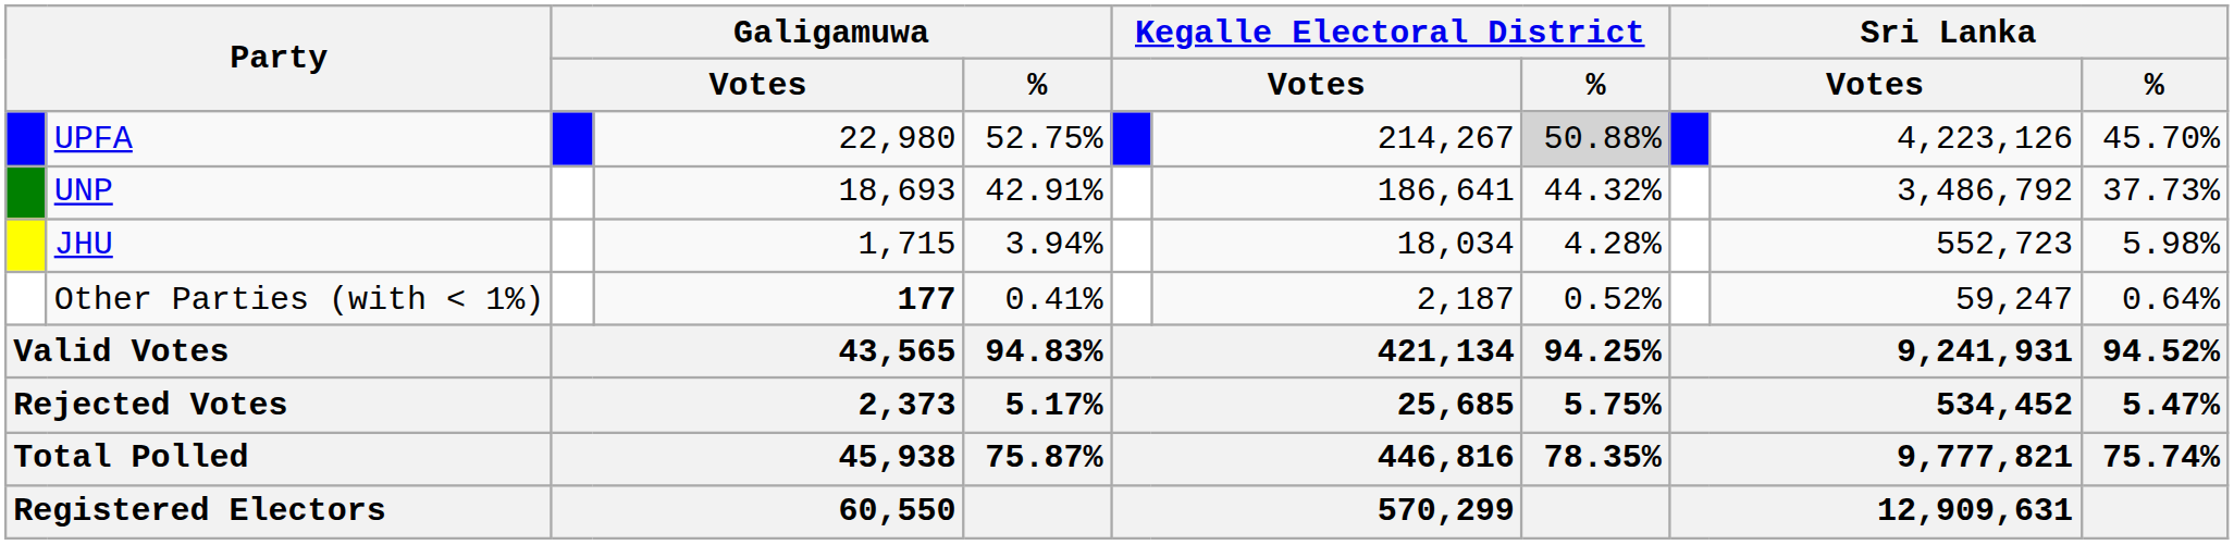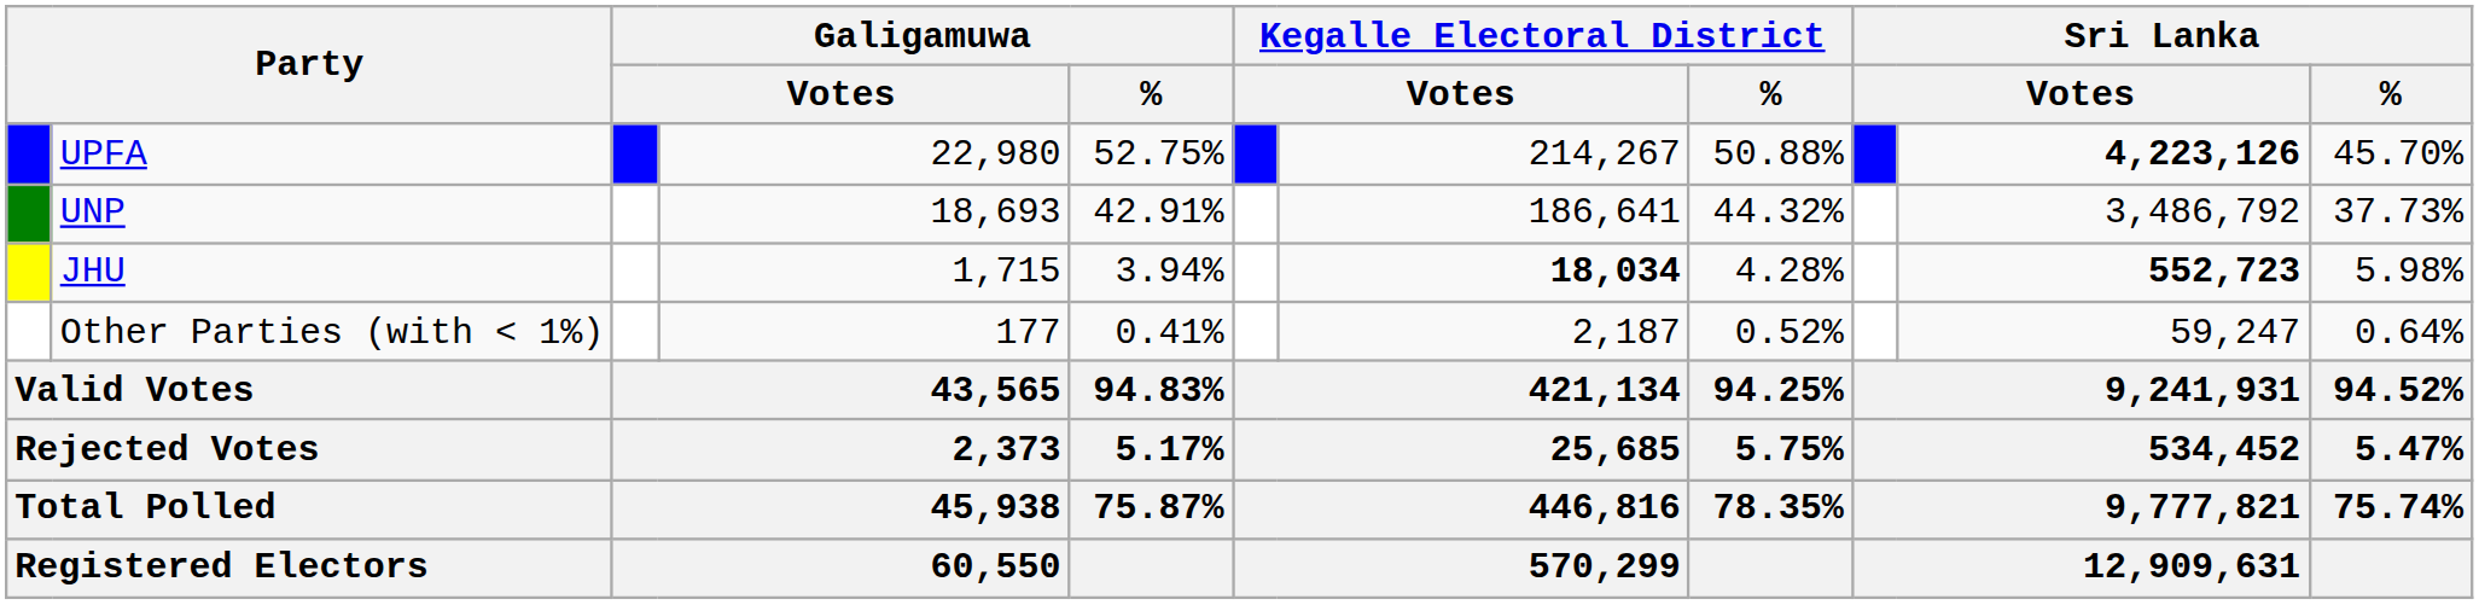 <table class="wikitable">
 <tr>
 <th colspan="2" width="144px"rowspan="2">Party</th>
 <th colspan="3" width="216px">Galigamuwa</th>
 <th colspan="3" width="216px"><a href='#'>Kegalle Electoral District</a></th>
 <th colspan="3" width="216px">Sri Lanka</th>
 </tr>
 <tr>
 <th colspan="2" width="144px">Votes</th>
 <th>%</th>
 <th colspan="2" width="144px">Votes</th>
 <th>%</th>
 <th colspan="2" width="144px">Votes</th>
 <th>%</th>
 </tr>
 <tr>
 <td style="background-color:blue;" width="10px"></td>
 <td style="text-align:left;"><a href='#'>UPFA</a></td>
 <td style="background-color:blue;" width="10px"></td>
 <td style="text-align:right;">22,980</td>
 <td style="text-align:right;">52.75%</td>
 <td style="background-color:blue;" width="10px"></td>
 <td style="text-align:right;">214,267</td>
-<td style="background: lightgrey; text-align:right;">50.88%</td>
+<td style="text-align:right;">50.88%</td>
 <td style="background-color:blue;" width="10px"></td>
-<td style="text-align:right;">4,223,126</td>
+<td style="text-align:right;"><strong>4,223,126</strong></td>
 <td style="text-align:right;">45.70%</td>
 </tr>
 <tr>
 <td style="background-color:green;" width="10px"></td>
 <td style="text-align:left;"><a href='#'>UNP</a></td>
 <td style="background-color:white;" width="10px"></td>
 <td style="text-align:right;">18,693</td>
 <td style="text-align:right;">42.91%</td>
 <td style="background-color:white;" width="10px"></td>
 <td style="text-align:right;">186,641</td>
 <td style="text-align:right;">44.32%</td>
 <td style="background-color:white;" width="10px"></td>
 <td style="text-align:right;">3,486,792</td>
 <td style="text-align:right;">37.73%</td>
 </tr>
 <tr>
 <td style="background-color:yellow;" width="10px"></td>
 <td style="text-align:left;"><a href='#'>JHU</a></td>
 <td style="background-color:white;" width="10px"></td>
 <td style="text-align:right;">1,715</td>
 <td style="text-align:right;">3.94%</td>
 <td style="background-color:white;" width="10px"></td>
-<td style="text-align:right;">18,034</td>
+<td style="text-align:right;"><strong>18,034</strong></td>
 <td style="text-align:right;">4.28%</td>
 <td style="background-color:white;" width="10px"></td>
-<td style="text-align:right;">552,723</td>
+<td style="text-align:right;"><strong>552,723</strong></td>
 <td style="text-align:right;">5.98%</td>
 </tr>
 <tr>
 <td style="background-color:white;" width="10px"></td>
 <td style="text-align:left;">Other Parties (with < 1%)</td>
 <td style="background-color:white;" width="10px"></td>
-<td style="text-align:right;"><strong>177</strong></td>
+<td style="text-align:right;">177</td>
 <td style="text-align:right;">0.41%</td>
 <td style="background-color:white;" width="10px"></td>
 <td style="text-align:right;">2,187</td>
 <td style="text-align:right;">0.52%</td>
 <td style="background-color:white;" width="10px"></td>
 <td style="text-align:right;">59,247</td>
 <td style="text-align:right;">0.64%</td>
 </tr>
 <tr>
 <th colspan="2" width="144px"style="text-align:left;">Valid Votes</th>
 <th style="text-align:right;"colspan="2" width="144px">43,565</th>
 <th style="text-align:right;">94.83%</th>
 <th style="text-align:right;"colspan="2" width="144px">421,134</th>
 <th style="text-align:right;">94.25%</th>
 <th style="text-align:right;"colspan="2" width="144px">9,241,931</th>
 <th style="text-align:right;">94.52%</th>
 </tr>
 <tr>
 <th colspan="2" width="144px"style="text-align:left;">Rejected Votes</th>
 <th style="text-align:right;"colspan="2" width="144px">2,373</th>
 <th style="text-align:right;">5.17%</th>
 <th style="text-align:right;"colspan="2" width="144px">25,685</th>
 <th style="text-align:right;">5.75%</th>
 <th style="text-align:right;"colspan="2" width="144px">534,452</th>
 <th style="text-align:right;">5.47%</th>
 </tr>
 <tr>
 <th colspan="2" width="144px"style="text-align:left;">Total Polled</th>
 <th style="text-align:right;"colspan="2" width="144px">45,938</th>
 <th style="text-align:right;">75.87%</th>
 <th style="text-align:right;"colspan="2" width="144px">446,816</th>
 <th style="text-align:right;">78.35%</th>
 <th style="text-align:right;"colspan="2" width="144px">9,777,821</th>
 <th style="text-align:right;">75.74%</th>
 </tr>
 <tr>
 <th colspan="2" width="144px"style="text-align:left;">Registered Electors</th>
 <th style="text-align:right;"colspan="2" width="144px">60,550</th>
 <th></th>
 <th style="text-align:right;"colspan="2" width="144px">570,299</th>
 <th></th>
 <th style="text-align:right;"colspan="2" width="144px">12,909,631</th>
 <th></th>
 </tr>
 </table>
